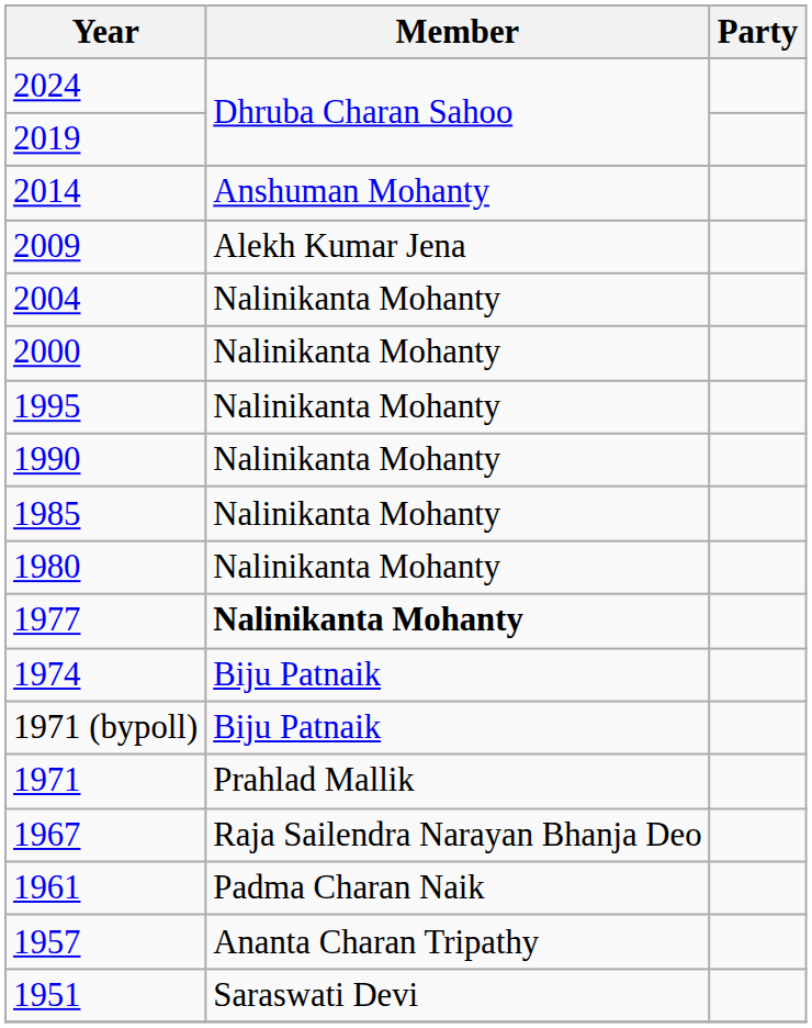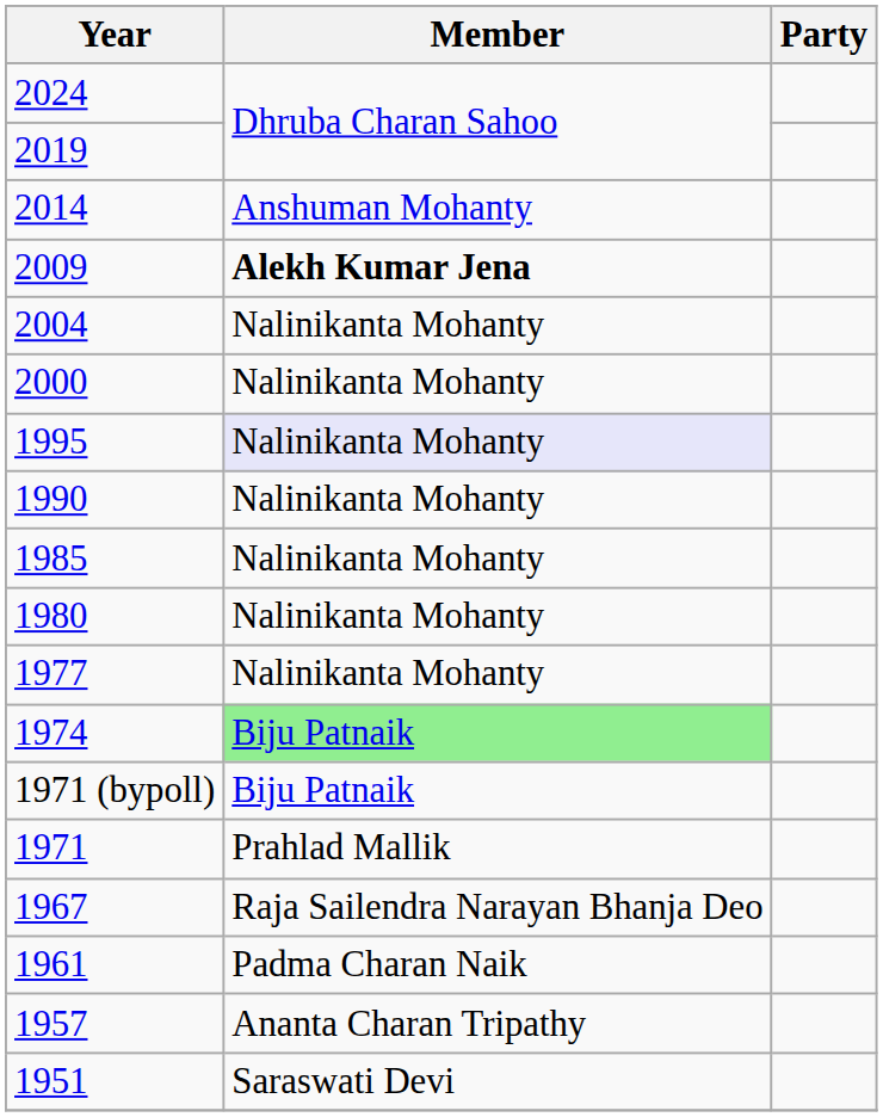 <table class="wikitable sortable">
 <tr>
 <th>Year</th>
 <th>Member</th>
 <th colspan=2>Party</th>
 </tr>
 <tr>
 <td><a href='#'>2024</a></td>
 <td rowspan=2><a href='#'>Dhruba Charan Sahoo</a></td>
 <td></td>
 </tr>
 <tr>
 <td><a href='#'>2019</a></td>
 </tr>
 <tr>
 <td><a href='#'>2014</a></td>
 <td><a href='#'>Anshuman Mohanty</a></td>
 <td></td>
 </tr>
 <tr>
 <td><a href='#'>2009</a></td>
-<td>Alekh Kumar Jena</td>
+<td><strong>Alekh Kumar Jena</strong></td>
 <td></td>
 </tr>
 <tr>
 <td><a href='#'>2004</a></td>
 <td>Nalinikanta Mohanty</td>
 <td></td>
 </tr>
 <tr>
 <td><a href='#'>2000</a></td>
 <td>Nalinikanta Mohanty</td>
 <td></td>
 </tr>
 <tr>
 <td><a href='#'>1995</a></td>
-<td>Nalinikanta Mohanty</td>
+<td style="background: lavender;">Nalinikanta Mohanty</td>
 <td></td>
 </tr>
 <tr>
 <td><a href='#'>1990</a></td>
 <td>Nalinikanta Mohanty</td>
 <td></td>
 </tr>
 <tr>
 <td><a href='#'>1985</a></td>
 <td>Nalinikanta Mohanty</td>
 <td></td>
 </tr>
 <tr>
 <td><a href='#'>1980</a></td>
 <td>Nalinikanta Mohanty</td>
 <td></td>
 </tr>
 <tr>
 <td><a href='#'>1977</a></td>
-<td><strong>Nalinikanta Mohanty</strong></td>
+<td>Nalinikanta Mohanty</td>
 <td></td>
 </tr>
 <tr>
 <td><a href='#'>1974</a></td>
-<td><a href='#'>Biju Patnaik</a></td>
+<td style="background: lightgreen;"><a href='#'>Biju Patnaik</a></td>
 <td></td>
 </tr>
 <tr>
 <td>1971 (bypoll)</td>
 <td><a href='#'>Biju Patnaik</a></td>
 <td></td>
 </tr>
 <tr>
 <td><a href='#'>1971</a></td>
 <td>Prahlad Mallik</td>
 <td></td>
 </tr>
 <tr>
 <td><a href='#'>1967</a></td>
 <td>Raja Sailendra Narayan Bhanja Deo</td>
 <td></td>
 </tr>
 <tr>
 <td><a href='#'>1961</a></td>
 <td>Padma Charan Naik</td>
 <td></td>
 </tr>
 <tr>
 <td><a href='#'>1957</a></td>
 <td>Ananta Charan Tripathy</td>
 <td></td>
 </tr>
 <tr>
 <td><a href='#'>1951</a></td>
 <td>Saraswati Devi</td>
 <td></td>
 </tr>
 <tr>
 </tr>
 </table>
